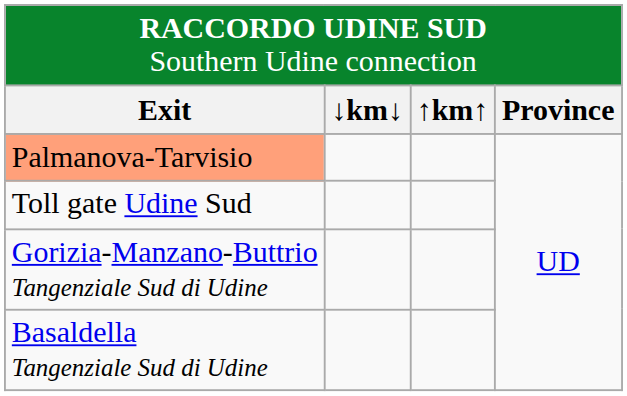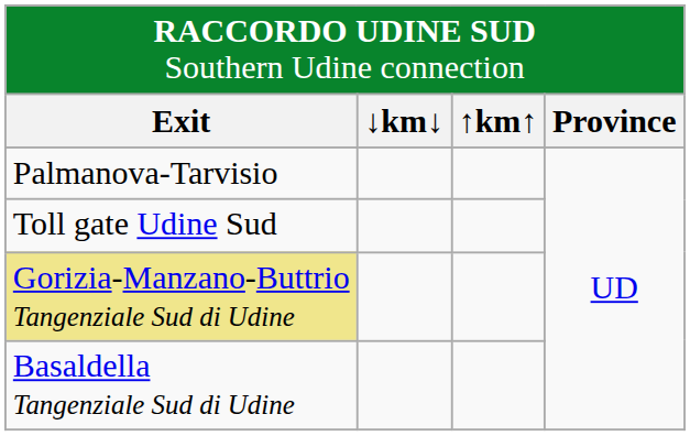 <table class="wikitable" border="1">
 <tr>
 </tr>
 <tr align="center" bgcolor="08842C" style="color: white;font-size:100%;">
 <td colspan="6"><strong> RACCORDO UDINE SUD</strong><br>Southern Udine connection</td>
 </tr>
 <tr>
 <th style="text-align:center;"><strong>Exit</strong></th>
 <th style="text-align:center;"><strong>↓km↓</strong></th>
 <th style="text-align:center;"><strong>↑km↑</strong></th>
 <th align="center"><strong>Province</strong></th>
 </tr>
 <tr>
-<td style="background: lightsalmon;">   Palmanova-Tarvisio</td>
+<td>   Palmanova-Tarvisio</td>
 <td align="right"></td>
 <td align="right"></td>
 <td align="center" rowspan=4><a href='#'>UD</a></td>
 </tr>
 <tr>
 <td> Toll gate <a href='#'>Udine</a> Sud</td>
 <td align="right"></td>
 <td align="right"></td>
 </tr>
 <tr>
-<td> <a href='#'>Gorizia</a>-<a href='#'>Manzano</a>-<a href='#'>Buttrio</a><br> <small><em>Tangenziale Sud di Udine</em></small></td>
+<td style="background: khaki;"> <a href='#'>Gorizia</a>-<a href='#'>Manzano</a>-<a href='#'>Buttrio</a><br> <small><em>Tangenziale Sud di Udine</em></small></td>
 <td align="right"></td>
 <td align="right"></td>
 </tr>
 <tr>
 <td>  <a href='#'>Basaldella</a><br> <small><em>Tangenziale Sud di Udine</em></small></td>
 <td align="right"></td>
 <td align="right"></td>
 </tr>
 </table>
